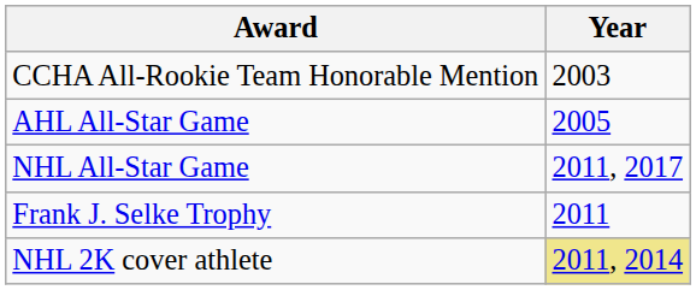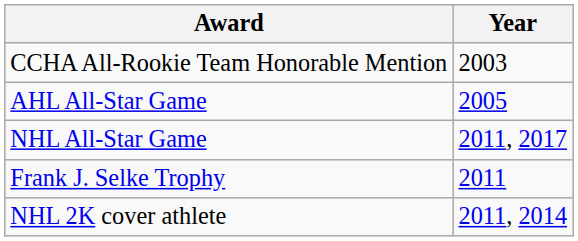 <table class="wikitable" border="1">
 <tr>
 <th>Award</th>
 <th>Year</th>
 </tr>
 <tr>
 <td>CCHA All-Rookie Team Honorable Mention</td>
 <td>2003</td>
 </tr>
 <tr>
 <td><a href='#'>AHL All-Star Game</a></td>
 <td><a href='#'>2005</a></td>
 </tr>
 <tr>
 <td><a href='#'>NHL All-Star Game</a></td>
 <td><a href='#'>2011</a>, <a href='#'>2017</a></td>
 </tr>
 <tr>
 <td><a href='#'>Frank J. Selke Trophy</a></td>
 <td><a href='#'>2011</a></td>
 </tr>
 <tr>
 <td><a href='#'>NHL 2K</a> cover athlete</td>
-<td style="background: khaki;"><a href='#'>2011</a>, <a href='#'>2014</a></td>
+<td><a href='#'>2011</a>, <a href='#'>2014</a></td>
 </tr>
 </table>
